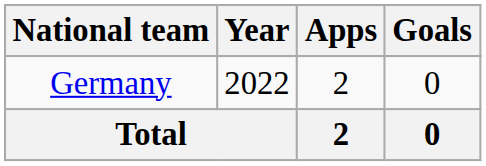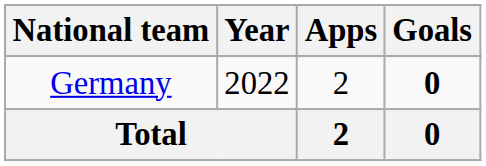 <table class="wikitable" style="text-align:center">
 <tr>
 <th>National team</th>
 <th>Year</th>
 <th>Apps</th>
 <th>Goals</th>
 </tr>
 <tr>
 <td rowspan="2"><a href='#'>Germany</a></td>
 </tr>
 <tr>
 <td>2022</td>
 <td>2</td>
-<td>0</td>
+<td><strong>0</strong></td>
 </tr>
 <tr>
 <th colspan="2">Total</th>
 <th>2</th>
 <th>0</th>
 </tr>
 </table>
